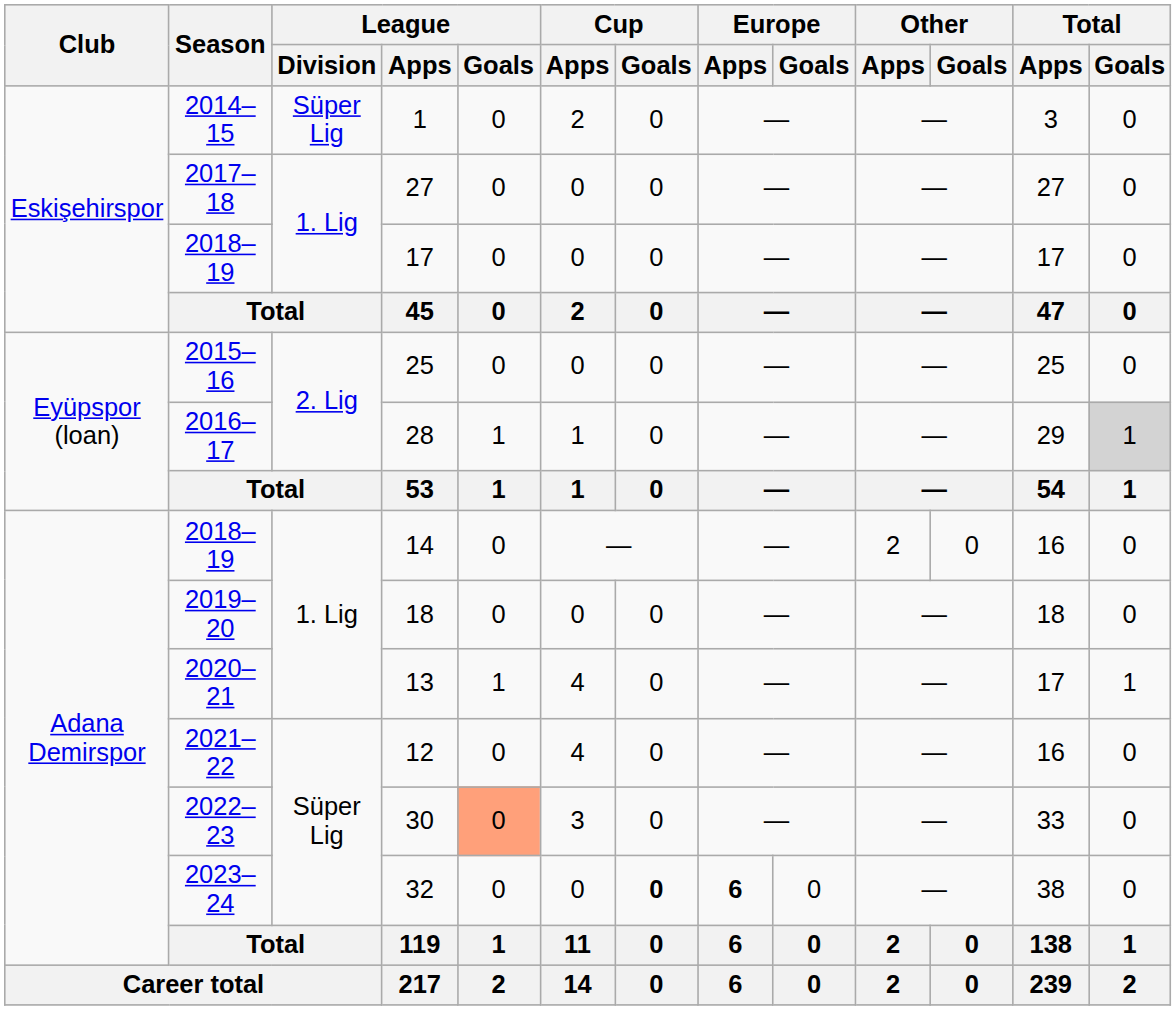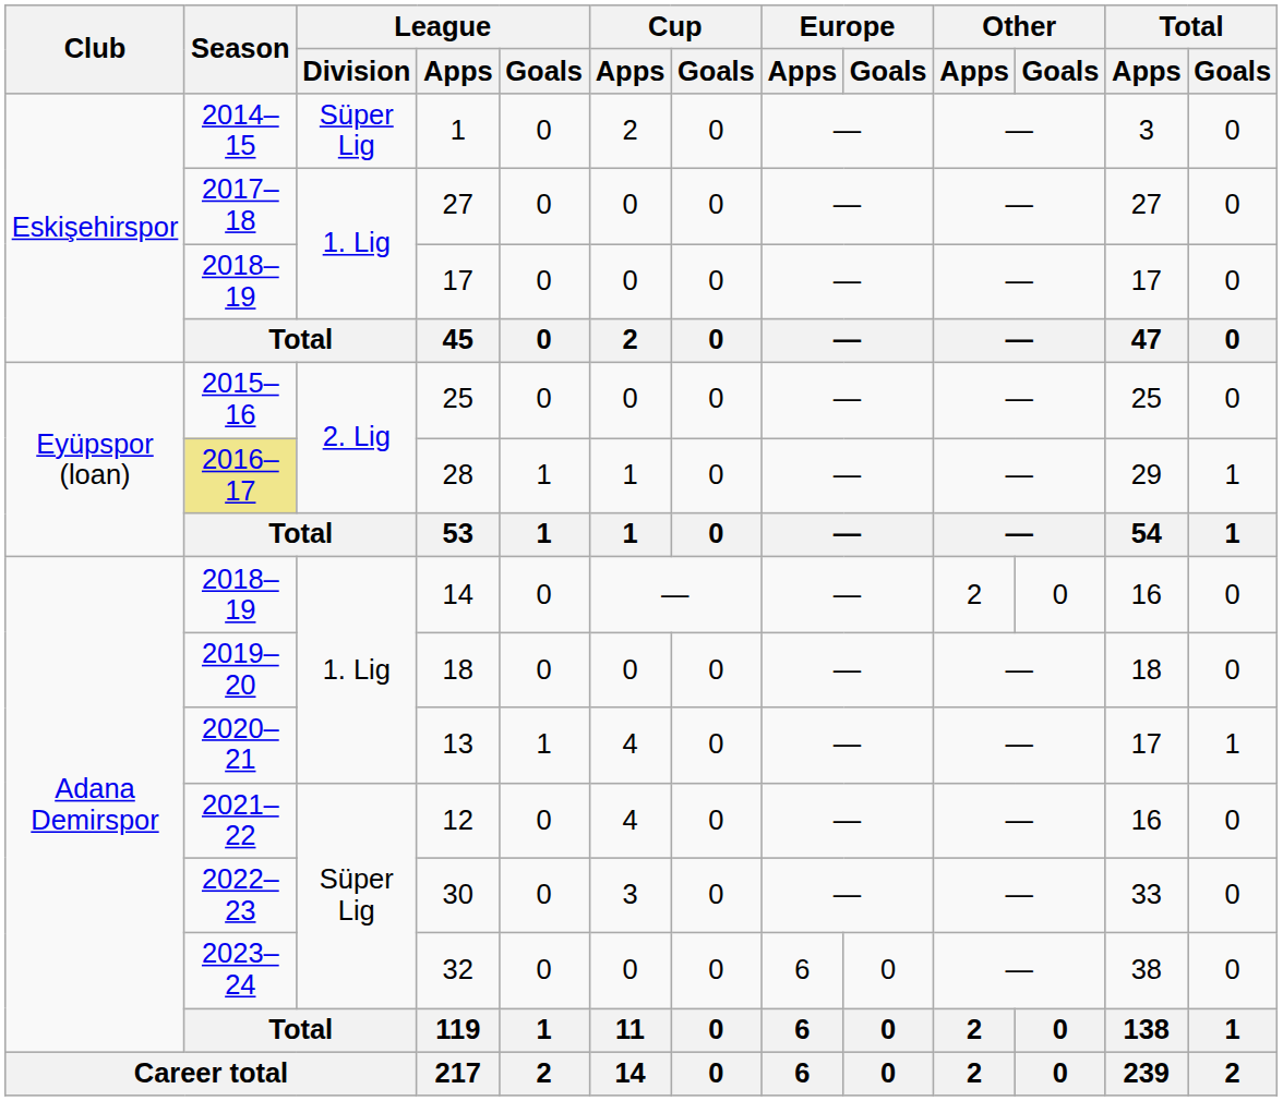 <table class="wikitable" style="text-align:center">
 <tr>
 <th rowspan="2">Club</th>
 <th rowspan="2">Season</th>
 <th colspan="3">League</th>
 <th colspan="2">Cup</th>
 <th colspan="2">Europe</th>
 <th colspan="2">Other</th>
 <th colspan="2">Total</th>
 </tr>
 <tr>
 <th>Division</th>
 <th>Apps</th>
 <th>Goals</th>
 <th>Apps</th>
 <th>Goals</th>
 <th>Apps</th>
 <th>Goals</th>
 <th>Apps</th>
 <th>Goals</th>
 <th>Apps</th>
 <th>Goals</th>
 </tr>
 <tr>
 <td rowspan="4"><a href='#'>Eskişehirspor</a></td>
 <td><a href='#'>2014–15</a></td>
 <td><a href='#'>Süper Lig</a></td>
 <td>1</td>
 <td>0</td>
 <td>2</td>
 <td>0</td>
 <td colspan="2">—</td>
 <td colspan="2">—</td>
 <td>3</td>
 <td>0</td>
 </tr>
 <tr>
 <td><a href='#'>2017–18</a></td>
 <td rowspan="2"><a href='#'>1. Lig</a></td>
 <td>27</td>
 <td>0</td>
 <td>0</td>
 <td>0</td>
 <td colspan="2">—</td>
 <td colspan="2">—</td>
 <td>27</td>
 <td>0</td>
 </tr>
 <tr>
 <td><a href='#'>2018–19</a></td>
 <td>17</td>
 <td>0</td>
 <td>0</td>
 <td>0</td>
 <td colspan="2">—</td>
 <td colspan="2">—</td>
 <td>17</td>
 <td>0</td>
 </tr>
 <tr>
 <th colspan="2">Total</th>
 <th>45</th>
 <th>0</th>
 <th>2</th>
 <th>0</th>
 <th colspan="2">—</th>
 <th colspan="2">—</th>
 <th>47</th>
 <th>0</th>
 </tr>
 <tr>
 <td rowspan="3"><a href='#'>Eyüpspor</a> (loan)</td>
 <td><a href='#'>2015–16</a></td>
 <td rowspan="2"><a href='#'>2. Lig</a></td>
 <td>25</td>
 <td>0</td>
 <td>0</td>
 <td>0</td>
 <td colspan="2">—</td>
 <td colspan="2">—</td>
 <td>25</td>
 <td>0</td>
 </tr>
 <tr>
-<td><a href='#'>2016–17</a></td>
+<td style="background: khaki;"><a href='#'>2016–17</a></td>
 <td>28</td>
 <td>1</td>
 <td>1</td>
 <td>0</td>
 <td colspan="2">—</td>
 <td colspan="2">—</td>
 <td>29</td>
-<td style="background: lightgrey;">1</td>
+<td>1</td>
 </tr>
 <tr>
 <th colspan="2">Total</th>
 <th>53</th>
 <th>1</th>
 <th>1</th>
 <th>0</th>
 <th colspan="2">—</th>
 <th colspan="2">—</th>
 <th>54</th>
 <th>1</th>
 </tr>
 <tr>
 <td rowspan="7"><a href='#'>Adana Demirspor</a></td>
 <td><a href='#'>2018–19</a></td>
 <td rowspan="3">1. Lig</td>
 <td>14</td>
 <td>0</td>
 <td colspan="2">—</td>
 <td colspan="2">—</td>
 <td>2</td>
 <td>0</td>
 <td>16</td>
 <td>0</td>
 </tr>
 <tr>
 <td><a href='#'>2019–20</a></td>
 <td>18</td>
 <td>0</td>
 <td>0</td>
 <td>0</td>
 <td colspan="2">—</td>
 <td colspan="2">—</td>
 <td>18</td>
 <td>0</td>
 </tr>
 <tr>
 <td><a href='#'>2020–21</a></td>
 <td>13</td>
 <td>1</td>
 <td>4</td>
 <td>0</td>
 <td colspan="2">—</td>
 <td colspan="2">—</td>
 <td>17</td>
 <td>1</td>
 </tr>
 <tr>
 <td><a href='#'>2021–22</a></td>
 <td rowspan="3">Süper Lig</td>
 <td>12</td>
 <td>0</td>
 <td>4</td>
 <td>0</td>
 <td colspan="2">—</td>
 <td colspan="2">—</td>
 <td>16</td>
 <td>0</td>
 </tr>
 <tr>
 <td><a href='#'>2022–23</a></td>
 <td>30</td>
-<td style="background: lightsalmon;">0</td>
+<td>0</td>
 <td>3</td>
 <td>0</td>
 <td colspan="2">—</td>
 <td colspan="2">—</td>
 <td>33</td>
 <td>0</td>
 </tr>
 <tr>
 <td><a href='#'>2023–24</a></td>
 <td>32</td>
 <td>0</td>
 <td>0</td>
-<td><strong>0</strong></td>
-<td><strong>6</strong></td>
+<td>0</td>
+<td>6</td>
 <td>0</td>
 <td colspan="2">—</td>
 <td>38</td>
 <td>0</td>
 </tr>
 <tr>
 <th colspan="2">Total</th>
 <th>119</th>
 <th>1</th>
 <th>11</th>
 <th>0</th>
 <th>6</th>
 <th>0</th>
 <th>2</th>
 <th>0</th>
 <th>138</th>
 <th>1</th>
 </tr>
 <tr>
 <th colspan="3">Career total</th>
 <th>217</th>
 <th>2</th>
 <th>14</th>
 <th>0</th>
 <th>6</th>
 <th>0</th>
 <th>2</th>
 <th>0</th>
 <th>239</th>
 <th>2</th>
 </tr>
 </table>
